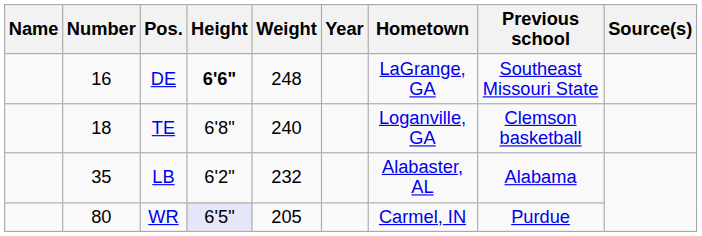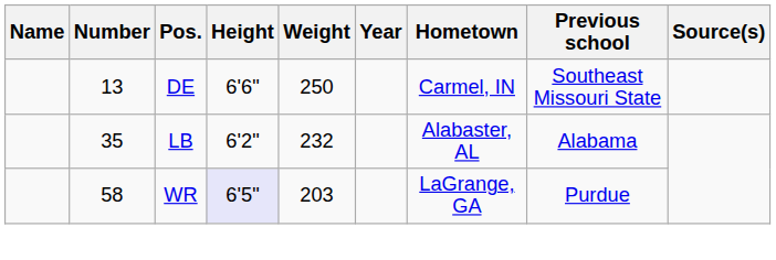 <table class="wikitable sortable" border="1" style="text-align: center;">
 <tr align=center>
 <th>Name</th>
 <th>Number</th>
 <th>Pos.</th>
 <th>Height</th>
 <th>Weight</th>
 <th>Year</th>
 <th>Hometown</th>
 <th>Previous school</th>
 <th>Source(s)</th>
 </tr>
 <tr>
 <td></td>
-<td>16</td>
+<td>13</td>
 <td><a href='#'>DE</a></td>
-<td><strong>6'6"</strong></td>
-<td>248</td>
+<td>6'6"</td>
+<td>250</td>
 <td></td>
-<td><a href='#'>LaGrange, GA</a></td>
+<td><a href='#'>Carmel, IN</a></td>
 <td><a href='#'>Southeast Missouri State</a></td>
-<td></td>
-</tr>
-<tr>
-<td></td>
-<td>18</td>
-<td><a href='#'>TE</a></td>
-<td>6'8"</td>
-<td>240</td>
-<td></td>
-<td><a href='#'>Loganville, GA</a></td>
-<td><a href='#'>Clemson basketball</a></td>
 <td></td>
 </tr>
 <tr>
 <td></td>
 <td>35</td>
 <td><a href='#'>LB</a></td>
 <td>6'2"</td>
 <td>232</td>
 <td></td>
 <td><a href='#'>Alabaster, AL</a></td>
 <td><a href='#'>Alabama</a></td>
 <td rowspan=2></td>
 </tr>
 <tr>
 <td></td>
-<td>80</td>
+<td>58</td>
 <td><a href='#'>WR</a></td>
 <td style="background: lavender;">6'5"</td>
-<td>205</td>
+<td>203</td>
 <td></td>
-<td><a href='#'>Carmel, IN</a></td>
+<td><a href='#'>LaGrange, GA</a></td>
 <td><a href='#'>Purdue</a></td>
 </tr>
 </table>
